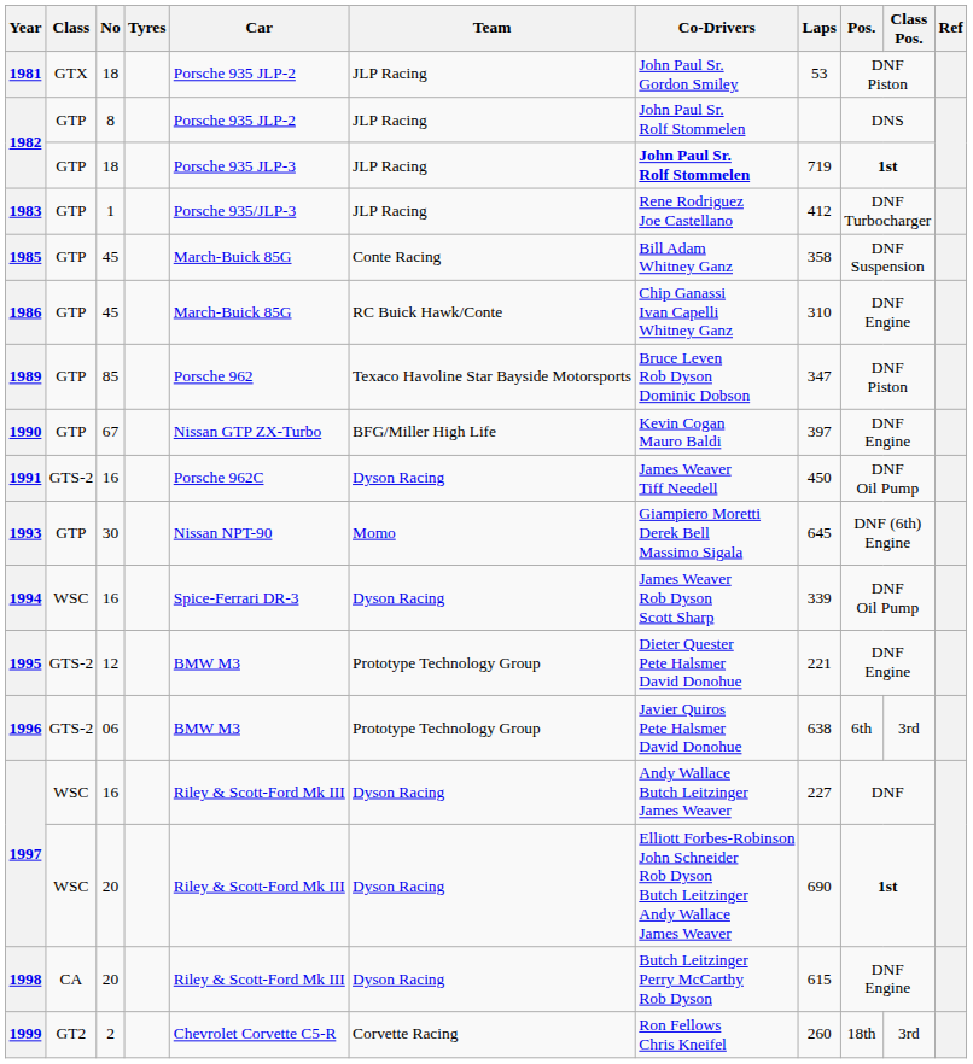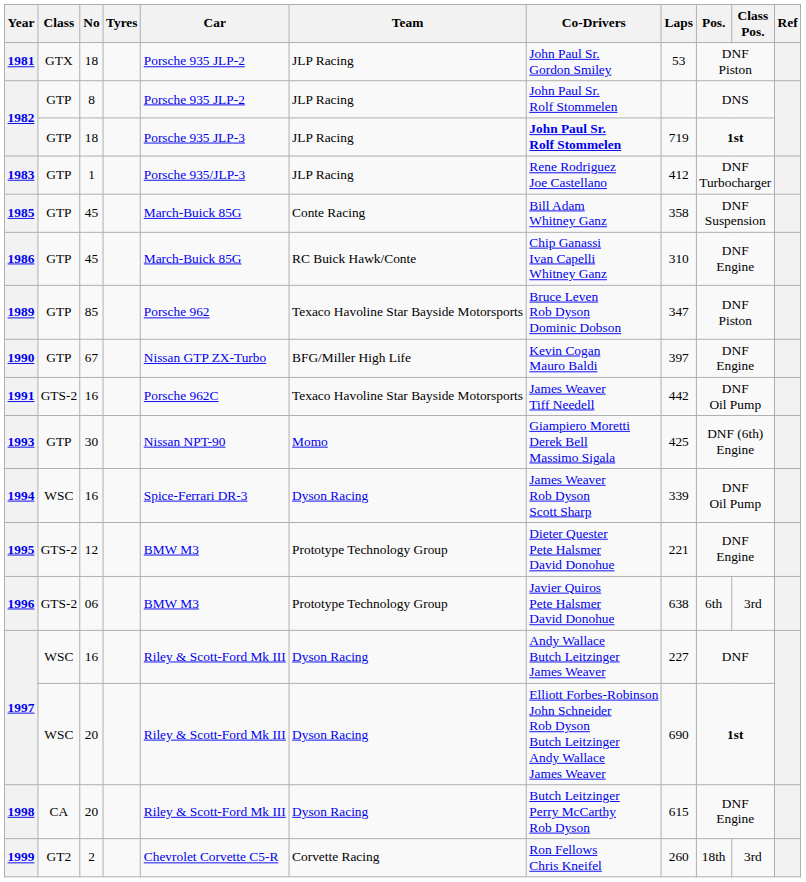 <table class="wikitable" style="text-align:center; font-size:90%">
 <tr>
 <th>Year</th>
 <th>Class</th>
 <th>No</th>
 <th>Tyres</th>
 <th>Car</th>
 <th>Team</th>
 <th>Co-Drivers</th>
 <th>Laps</th>
 <th>Pos.</th>
 <th>Class<br>Pos.</th>
 <th>Ref</th>
 </tr>
 <tr>
 <th><a href='#'>1981</a></th>
 <td>GTX</td>
 <td>18</td>
 <td></td>
 <td style="text-align:left;"><a href='#'>Porsche 935 JLP-2</a></td>
 <td align="left"> JLP Racing</td>
 <td align="left"> <a href='#'>John Paul Sr.</a><br> <a href='#'>Gordon Smiley</a></td>
 <td>53</td>
 <td colspan=2>DNF<br>Piston</td>
 <th></th>
 </tr>
 <tr>
 <th rowspan=2><a href='#'>1982</a></th>
 <td>GTP</td>
 <td>8</td>
 <td></td>
 <td style="text-align:left;"><a href='#'>Porsche 935 JLP-2</a></td>
 <td align="left"> JLP Racing</td>
 <td align="left"> <a href='#'>John Paul Sr.</a><br> <a href='#'>Rolf Stommelen</a></td>
 <td></td>
 <td colspan=2>DNS</td>
 <th rowspan=2></th>
 </tr>
 <tr>
 <td>GTP</td>
 <td>18</td>
 <td></td>
 <td style="text-align:left;"><a href='#'>Porsche 935 JLP-3</a></td>
 <td align="left"> JLP Racing</td>
 <td align="left"><strong> <a href='#'>John Paul Sr.</a><br> <a href='#'>Rolf Stommelen</a></strong></td>
 <td>719</td>
 <td colspan=2><strong>1st</strong></td>
 </tr>
 <tr>
 <th><a href='#'>1983</a></th>
 <td>GTP</td>
 <td>1</td>
 <td></td>
 <td style="text-align:left;"><a href='#'>Porsche 935/JLP-3</a></td>
 <td align="left"> JLP Racing</td>
 <td align="left"> <a href='#'>Rene Rodriguez</a><br> <a href='#'>Joe Castellano</a></td>
 <td>412</td>
 <td colspan=2>DNF<br>Turbocharger</td>
 <th></th>
 </tr>
 <tr>
 <th><a href='#'>1985</a></th>
 <td>GTP</td>
 <td>45</td>
 <td></td>
 <td style="text-align:left;"><a href='#'>March-Buick 85G</a></td>
 <td align="left"> Conte Racing</td>
 <td align="left"> <a href='#'>Bill Adam</a><br> <a href='#'>Whitney Ganz</a></td>
 <td>358</td>
 <td colspan=2>DNF<br>Suspension</td>
 <th></th>
 </tr>
 <tr>
 <th><a href='#'>1986</a></th>
 <td>GTP</td>
 <td>45</td>
 <td></td>
 <td style="text-align:left;"><a href='#'>March-Buick 85G</a></td>
 <td align="left"> RC Buick Hawk/Conte</td>
 <td align="left"> <a href='#'>Chip Ganassi</a><br> <a href='#'>Ivan Capelli</a><br> <a href='#'>Whitney Ganz</a></td>
 <td>310</td>
 <td colspan=2>DNF<br>Engine</td>
 <th></th>
 </tr>
 <tr>
 <th><a href='#'>1989</a></th>
 <td>GTP</td>
 <td>85</td>
 <td></td>
 <td style="text-align:left;"><a href='#'>Porsche 962</a></td>
 <td align="left">  Texaco Havoline Star Bayside Motorsports</td>
 <td align="left"> <a href='#'>Bruce Leven</a><br> <a href='#'>Rob Dyson</a><br> <a href='#'>Dominic Dobson</a></td>
 <td>347</td>
 <td colspan=2>DNF<br>Piston</td>
 <th></th>
 </tr>
 <tr>
 <th><a href='#'>1990</a></th>
 <td>GTP</td>
 <td>67</td>
 <td></td>
 <td style="text-align:left;"><a href='#'>Nissan GTP ZX-Turbo</a></td>
 <td align="left">  BFG/Miller High Life</td>
 <td align="left"> <a href='#'>Kevin Cogan</a><br> <a href='#'>Mauro Baldi</a></td>
 <td>397</td>
 <td colspan=2>DNF<br>Engine</td>
 <th></th>
 </tr>
 <tr>
 <th><a href='#'>1991</a></th>
 <td>GTS-2</td>
 <td>16</td>
 <td></td>
 <td style="text-align:left;"><a href='#'>Porsche 962C</a></td>
-<td align="left"> <a href='#'>Dyson Racing</a></td>
+<td align="left">  Texaco Havoline Star Bayside Motorsports</td>
 <td align="left"> <a href='#'>James Weaver</a><br> <a href='#'>Tiff Needell</a></td>
-<td>450</td>
+<td>442</td>
 <td colspan=2>DNF<br>Oil Pump</td>
 <th></th>
 </tr>
 <tr>
 <th><a href='#'>1993</a></th>
 <td>GTP</td>
 <td>30</td>
 <td></td>
 <td style="text-align:left;"><a href='#'>Nissan NPT-90</a></td>
 <td align="left"> <a href='#'>Momo</a></td>
 <td align="left"> <a href='#'>Giampiero Moretti</a><br> <a href='#'>Derek Bell</a><br> <a href='#'>Massimo Sigala</a></td>
-<td>645</td>
+<td>425</td>
 <td colspan=2>DNF (6th)<br>Engine</td>
 <th></th>
 </tr>
 <tr>
 <th><a href='#'>1994</a></th>
 <td>WSC</td>
 <td>16</td>
 <td></td>
 <td style="text-align:left;"><a href='#'>Spice-Ferrari DR-3</a></td>
 <td align="left"> <a href='#'>Dyson Racing</a></td>
 <td align="left"> <a href='#'>James Weaver</a><br> <a href='#'>Rob Dyson</a><br> <a href='#'>Scott Sharp</a></td>
 <td>339</td>
 <td colspan=2>DNF<br>Oil Pump</td>
 <th></th>
 </tr>
 <tr>
 <th><a href='#'>1995</a></th>
 <td>GTS-2</td>
 <td>12</td>
 <td></td>
 <td style="text-align:left;"><a href='#'>BMW M3</a></td>
 <td align="left"> Prototype Technology Group</td>
 <td align="left"> <a href='#'>Dieter Quester</a><br> <a href='#'>Pete Halsmer</a><br> <a href='#'>David Donohue</a></td>
 <td>221</td>
 <td colspan=2>DNF<br>Engine</td>
 <th></th>
 </tr>
 <tr>
 <th><a href='#'>1996</a></th>
 <td>GTS-2</td>
 <td>06</td>
 <td></td>
 <td style="text-align:left;"><a href='#'>BMW M3</a></td>
 <td align="left"> Prototype Technology Group</td>
 <td align="left"> <a href='#'>Javier Quiros</a><br> <a href='#'>Pete Halsmer</a><br> <a href='#'>David Donohue</a></td>
 <td>638</td>
 <td>6th</td>
 <td>3rd</td>
 <th></th>
 </tr>
 <tr>
 <th rowspan=2><a href='#'>1997</a></th>
 <td>WSC</td>
 <td>16</td>
 <td></td>
 <td style="text-align:left;"><a href='#'>Riley & Scott-Ford Mk III</a></td>
 <td align="left"> <a href='#'>Dyson Racing</a></td>
 <td align="left"> <a href='#'>Andy Wallace</a><br> <a href='#'>Butch Leitzinger</a><br> <a href='#'>James Weaver</a></td>
 <td>227</td>
 <td colspan=2>DNF</td>
 <th rowspan=2></th>
 </tr>
 <tr>
 <td>WSC</td>
 <td>20</td>
 <td></td>
 <td style="text-align:left;"><a href='#'>Riley & Scott-Ford Mk III</a></td>
 <td align="left"> <a href='#'>Dyson Racing</a></td>
 <td align="left"> <a href='#'>Elliott Forbes-Robinson</a><br> <a href='#'>John Schneider</a><br> <a href='#'>Rob Dyson</a><br> <a href='#'>Butch Leitzinger</a><br> <a href='#'>Andy Wallace</a><br> <a href='#'>James Weaver</a></td>
 <td>690</td>
 <td colspan=2><strong>1st</strong></td>
 </tr>
 <tr>
 <th><a href='#'>1998</a></th>
 <td>CA</td>
 <td>20</td>
 <td></td>
 <td style="text-align:left;"><a href='#'>Riley & Scott-Ford Mk III</a></td>
 <td align="left"> <a href='#'>Dyson Racing</a></td>
 <td align="left"> <a href='#'>Butch Leitzinger</a><br> <a href='#'>Perry McCarthy</a><br> <a href='#'>Rob Dyson</a></td>
 <td>615</td>
 <td colspan=2>DNF<br>Engine</td>
 <th></th>
 </tr>
 <tr>
 <th><a href='#'>1999</a></th>
 <td>GT2</td>
 <td>2</td>
 <td></td>
 <td style="text-align:left;"><a href='#'>Chevrolet Corvette C5-R</a></td>
 <td align="left"> Corvette Racing</td>
 <td align="left"> <a href='#'>Ron Fellows</a><br> <a href='#'>Chris Kneifel</a></td>
 <td>260</td>
 <td>18th</td>
 <td>3rd</td>
 <th></th>
 </tr>
 </table>
